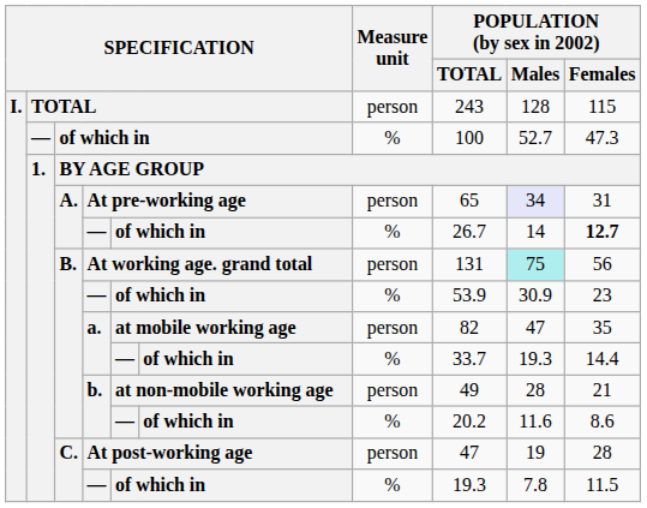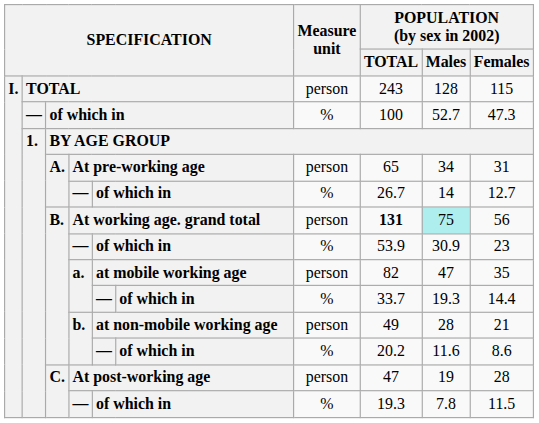 <table class="wikitable" style="font-size:85%; text-align:center">
 <tr>
 <th rowspan="2" colspan="6">SPECIFICATION</th>
 <th rowspan="2">Measure<br> unit</th>
 <th colspan="3" rowspan="1">POPULATION<br> (by sex in 2002)</th>
 </tr>
 <tr>
 <th>TOTAL</th>
 <th>Males</th>
 <th>Females</th>
 </tr>
 <tr>
 <th style="text-align:left" valign="top" rowspan="13">I.</th>
 <th style="text-align:left" colspan="5">TOTAL</th>
 <td>person</td>
 <td>243</td>
 <td>128</td>
 <td>115</td>
 </tr>
 <tr>
 <th style="text-align:left" valign="top">—</th>
 <th style="text-align:left" colspan="4">of which in</th>
 <td>%</td>
 <td>100</td>
 <td>52.7</td>
 <td>47.3</td>
 </tr>
 <tr>
 <th style="text-align:left" valign="top" rowspan="11">1.</th>
 <th style="text-align:left" colspan="19">BY AGE GROUP</th>
 </tr>
 <tr>
 <th style="text-align:left" valign="top" rowspan="2">A.</th>
 <th style="text-align:left" colspan="3">At pre-working age</th>
 <td>person</td>
 <td>65</td>
-<td style="background: lavender;">34</td>
+<td>34</td>
 <td>31</td>
 </tr>
 <tr>
 <th style="text-align:left" valign="top">—</th>
 <th style="text-align:left" valign="top" colspan="2">of which in</th>
 <td>%</td>
 <td>26.7</td>
 <td>14</td>
-<td><strong>12.7</strong></td>
+<td>12.7</td>
 </tr>
 <tr>
 <th style="text-align:left" valign="top" rowspan="6">B.</th>
 <th style="text-align:left" colspan="3">At working age. grand total</th>
 <td>person</td>
-<td>131</td>
+<td><strong>131</strong></td>
 <td style="background: paleturquoise;">75</td>
 <td>56</td>
 </tr>
 <tr>
 <th style="text-align:left" valign="top">—</th>
 <th style="text-align:left" valign="top" colspan="2">of which in</th>
 <td>%</td>
 <td>53.9</td>
 <td>30.9</td>
 <td>23</td>
 </tr>
 <tr>
 <th style="text-align:left" valign="top" rowspan="2">a.</th>
 <th style="text-align:left" colspan="2">at mobile working age</th>
 <td>person</td>
 <td>82</td>
 <td>47</td>
 <td>35</td>
 </tr>
 <tr>
 <th style="text-align:left" valign="top">—</th>
 <th style="text-align:left" valign="top" colspan="1">of which in                        </th>
 <td>%</td>
 <td>33.7</td>
 <td>19.3</td>
 <td>14.4</td>
 </tr>
 <tr>
 <th style="text-align:left" valign="top" rowspan="2">b.</th>
 <th style="text-align:left" colspan="2">at non-mobile working age</th>
 <td>person</td>
 <td>49</td>
 <td>28</td>
 <td>21</td>
 </tr>
 <tr>
 <th style="text-align:left" valign="top">—</th>
 <th style="text-align:left" valign="top" colspan="1">of which in                        </th>
 <td>%</td>
 <td>20.2</td>
 <td>11.6</td>
 <td>8.6</td>
 </tr>
 <tr>
 <th style="text-align:left" valign="top" rowspan="2">C.</th>
 <th style="text-align:left" colspan="3">At post-working age</th>
 <td>person</td>
 <td>47</td>
 <td>19</td>
 <td>28</td>
 </tr>
 <tr>
 <th style="text-align:left" valign="top">—</th>
 <th style="text-align:left" valign="top" colspan="2">of which in</th>
 <td>%</td>
 <td>19.3</td>
 <td>7.8</td>
 <td>11.5</td>
 </tr>
 </table>
